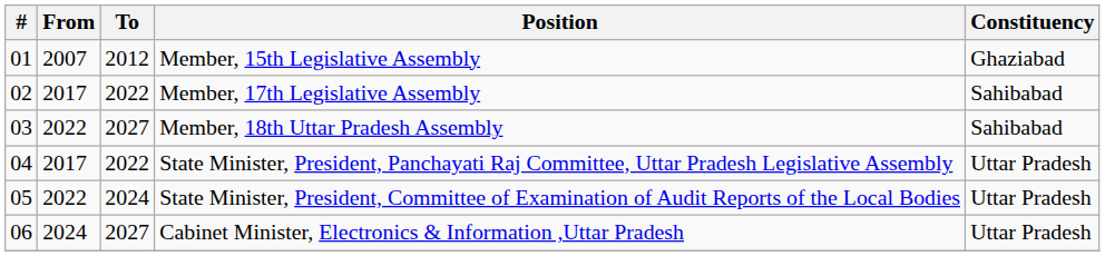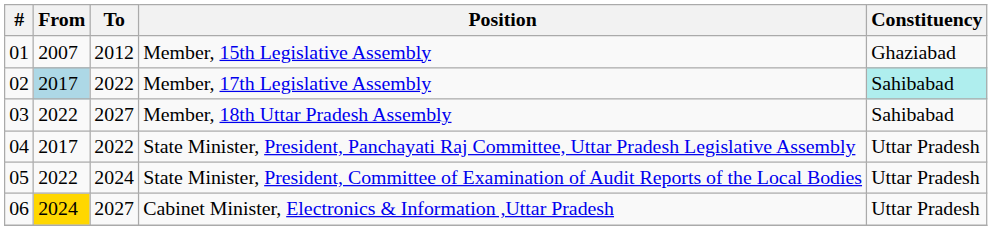 <table class="wikitable sortable">
 <tr>
 <th>#</th>
 <th>From</th>
 <th>To</th>
 <th>Position</th>
 <th>Constituency</th>
 </tr>
 <tr>
 <td>01</td>
 <td>2007</td>
 <td>2012</td>
 <td>Member, <a href='#'>15th Legislative Assembly</a></td>
 <td>Ghaziabad</td>
 </tr>
 <tr>
 <td>02</td>
-<td>2017</td>
+<td style="background: lightblue;">2017</td>
 <td>2022</td>
 <td>Member, <a href='#'>17th Legislative Assembly</a></td>
-<td>Sahibabad</td>
+<td style="background: paleturquoise;">Sahibabad</td>
 </tr>
 <tr>
 <td>03</td>
 <td>2022</td>
 <td>2027</td>
 <td>Member, <a href='#'>18th Uttar Pradesh Assembly</a></td>
 <td>Sahibabad</td>
 </tr>
 <tr>
 <td>04</td>
 <td>2017</td>
 <td>2022</td>
 <td>State Minister, <a href='#'>President, Panchayati Raj Committee, Uttar Pradesh Legislative Assembly</a></td>
 <td>Uttar Pradesh</td>
 </tr>
 <tr>
 <td>05</td>
 <td>2022</td>
 <td>2024</td>
 <td>State Minister, <a href='#'>President, Committee of Examination of Audit Reports of the Local Bodies</a></td>
 <td>Uttar Pradesh</td>
 </tr>
 <tr>
 <td>06</td>
-<td>2024</td>
+<td style="background: gold;">2024</td>
 <td>2027</td>
 <td>Cabinet Minister, <a href='#'>Electronics & Information ,Uttar Pradesh</a></td>
 <td>Uttar Pradesh</td>
 </tr>
 <tr>
 </tr>
 </table>
